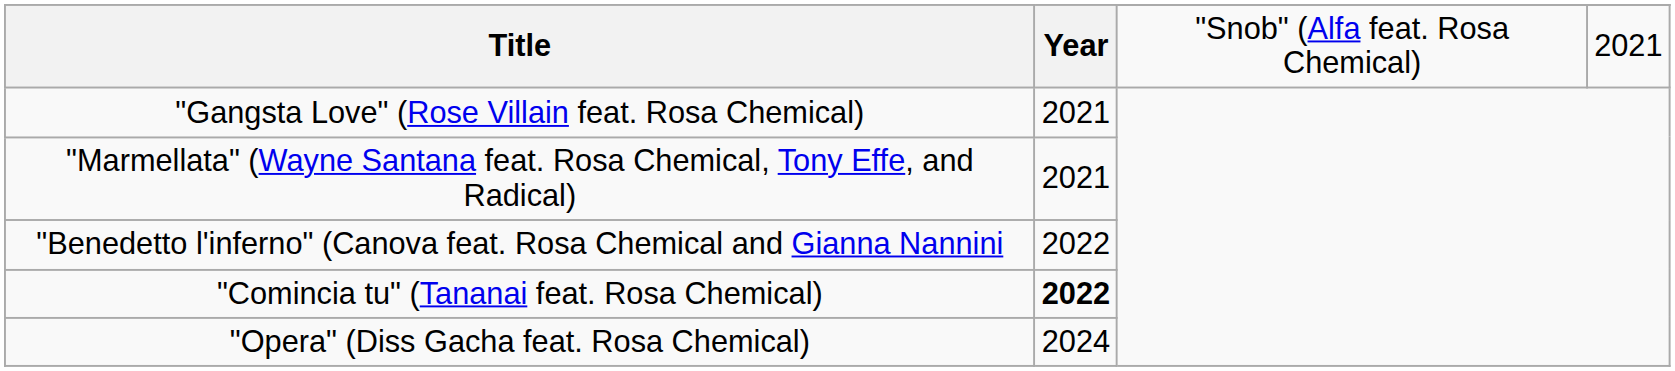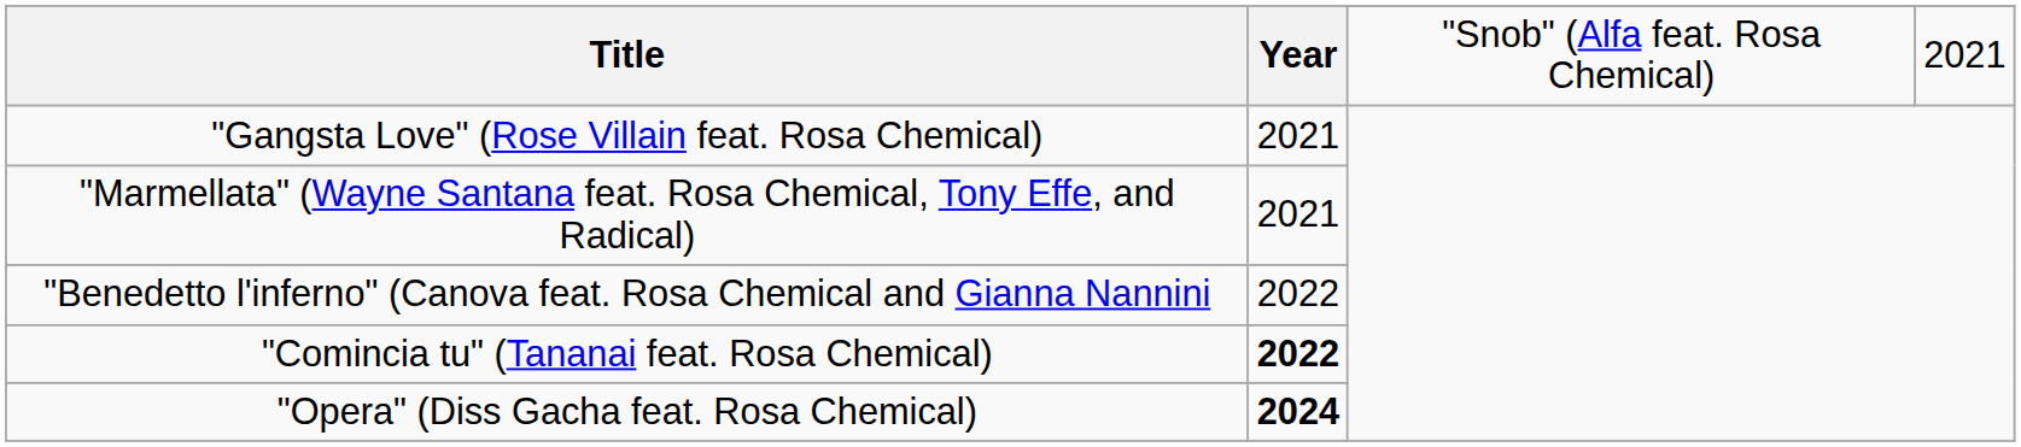 <table class="wikitable sortable plainrowheaders" style="text-align:center;">
 <tr>
 <th rowspan="2" scope="col" style="width;16em;">Title</th>
 <th rowspan="2" scope="col" style="width:1em;">Year</th>
 </tr>
 <tr>
 <td>"Snob" (<a href='#'>Alfa</a> feat. Rosa Chemical)</td>
 <td>2021</td>
 </tr>
 <tr>
 <td>"Gangsta Love" (<a href='#'>Rose Villain</a> feat. Rosa Chemical)</td>
 <td>2021</td>
 </tr>
 <tr>
 <td>"Marmellata" (<a href='#'>Wayne Santana</a> feat. Rosa Chemical, <a href='#'>Tony Effe</a>, and Radical)</td>
 <td>2021</td>
 </tr>
 <tr>
 <td>"Benedetto l'inferno" (Canova feat. Rosa Chemical and <a href='#'>Gianna Nannini</a></td>
 <td>2022</td>
 </tr>
 <tr>
 <td>"Comincia tu" (<a href='#'>Tananai</a> feat. Rosa Chemical)</td>
 <td><strong>2022</strong></td>
 </tr>
 <tr>
 <td>"Opera" (Diss Gacha feat. Rosa Chemical)</td>
-<td>2024</td>
+<td><strong>2024</strong></td>
 </tr>
 </table>
